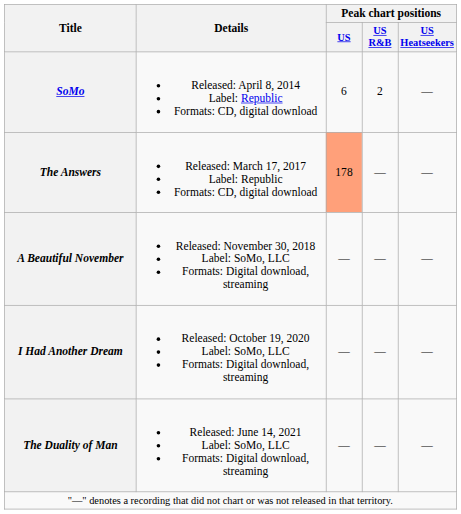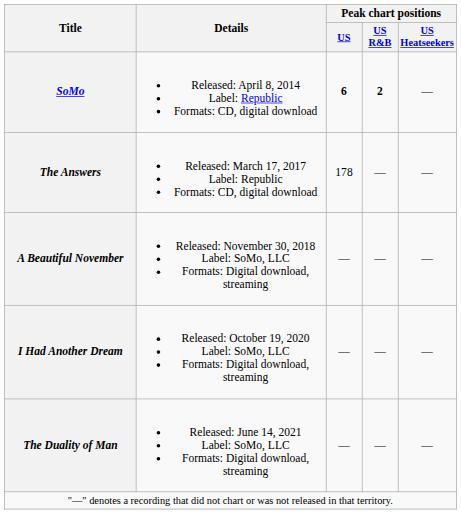 <table class="wikitable plainrowheaders" style="text-align:center;">
 <tr>
 <th scope="col" rowspan="2" style="width:11em;">Title</th>
 <th scope="col" rowspan="2" style="width:16em;">Details</th>
 <th scope="col" colspan="3">Peak chart positions</th>
 </tr>
 <tr>
 <th scope="col" style="width:3em;font-size:90%;"><a href='#'>US</a><br></th>
 <th scope="col" style="width:3em;font-size:90%;"><a href='#'>US R&B</a><br></th>
 <th scope="col" style="width:3em;font-size:90%;"><a href='#'>US Heatseekers</a><br></th>
 </tr>
 <tr>
 <th scope="row"><em><a href='#'>SoMo</a></em></th>
 <td><br><ul><li>Released: April 8, 2014</li><li>Label: <a href='#'>Republic</a></li><li>Formats: CD, digital download</li></ul></td>
-<td>6</td>
-<td>2</td>
+<td><strong>6</strong></td>
+<td><strong>2</strong></td>
 <td>—</td>
 </tr>
 <tr>
 <th scope="row"><em>The Answers</em></th>
 <td><br><ul><li>Released: March 17, 2017</li><li>Label: Republic</li><li>Formats: CD, digital download</li></ul></td>
-<td style="background: lightsalmon;">178</td>
+<td>178</td>
 <td>—</td>
 <td>—</td>
 </tr>
 <tr>
 <th scope="row"><em>A Beautiful November</em></th>
 <td><br><ul><li>Released: November 30, 2018</li><li>Label: SoMo, LLC</li><li>Formats: Digital download, streaming</li></ul></td>
 <td>—</td>
 <td>—</td>
 <td>—</td>
 </tr>
 <tr>
 <th scope="row"><em>I Had Another Dream</em></th>
 <td><br><ul><li>Released: October 19, 2020</li><li>Label: SoMo, LLC</li><li>Formats: Digital download, streaming</li></ul></td>
 <td>—</td>
 <td>—</td>
 <td>—</td>
 </tr>
 <tr>
 <th scope="row"><em>The Duality of Man</em></th>
 <td><br><ul><li>Released: June 14, 2021</li><li>Label: SoMo, LLC</li><li>Formats: Digital download, streaming</li></ul></td>
 <td>—</td>
 <td>—</td>
 <td>—</td>
 </tr>
 <tr>
 <td colspan="6" style="font-size:90%">"—" denotes a recording that did not chart or was not released in that territory.</td>
 </tr>
 </table>
